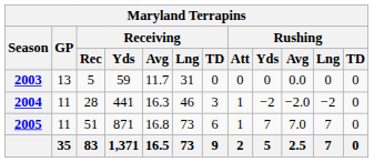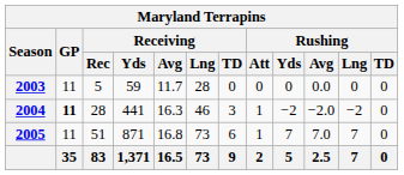 <table class="wikitable" style="text-align:center;">
 <tr>
 <th colspan="15">Maryland Terrapins</th>
 </tr>
 <tr>
 <th rowspan="2">Season</th>
 <th rowspan="2">GP</th>
 <th colspan="5">Receiving</th>
 <th colspan="5">Rushing</th>
 </tr>
 <tr>
 <th>Rec</th>
 <th>Yds</th>
 <th>Avg</th>
 <th>Lng</th>
 <th>TD</th>
 <th>Att</th>
 <th>Yds</th>
 <th>Avg</th>
 <th>Lng</th>
 <th>TD</th>
 </tr>
 <tr>
 <th><a href='#'>2003</a></th>
-<td>13</td>
+<td>11</td>
 <td>5</td>
 <td>59</td>
 <td>11.7</td>
-<td>31</td>
+<td>28</td>
 <td>0</td>
 <td>0</td>
 <td>0</td>
 <td>0.0</td>
 <td>0</td>
 <td>0</td>
 </tr>
 <tr>
 <th><a href='#'>2004</a></th>
-<td>11</td>
+<td><strong>11</strong></td>
 <td>28</td>
 <td>441</td>
 <td>16.3</td>
 <td>46</td>
 <td>3</td>
 <td>1</td>
 <td>−2</td>
 <td>−2.0</td>
 <td>−2</td>
 <td>0</td>
 </tr>
 <tr>
 <th><a href='#'>2005</a></th>
 <td>11</td>
 <td>51</td>
 <td>871</td>
 <td>16.8</td>
 <td>73</td>
 <td>6</td>
 <td>1</td>
 <td>7</td>
 <td>7.0</td>
 <td>7</td>
 <td>0</td>
 </tr>
 <tr>
 <th></th>
 <th>35</th>
 <th>83</th>
 <th>1,371</th>
 <th>16.5</th>
 <th>73</th>
 <th>9</th>
 <th>2</th>
 <th>5</th>
 <th>2.5</th>
 <th>7</th>
 <th>0</th>
 </tr>
 </table>
